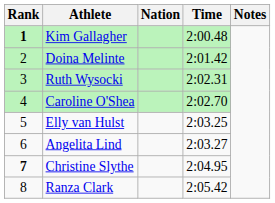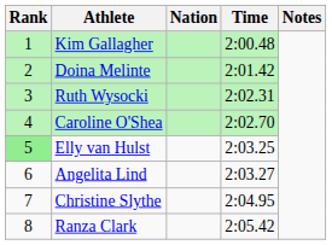 <table class="wikitable sortable" style="text-align:center">
 <tr>
 <th>Rank</th>
 <th>Athlete</th>
 <th>Nation</th>
 <th>Time</th>
 <th>Notes</th>
 </tr>
 <tr style="background:#bbf3bb;">
-<td><strong>1</strong></td>
+<td>1</td>
 <td align=left><a href='#'>Kim Gallagher</a></td>
 <td align=left></td>
 <td>2:00.48</td>
 </tr>
 <tr style="background:#bbf3bb;">
 <td>2</td>
 <td align=left><a href='#'>Doina Melinte</a></td>
 <td align=left></td>
 <td>2:01.42</td>
 </tr>
 <tr style="background:#bbf3bb;">
 <td>3</td>
 <td align=left><a href='#'>Ruth Wysocki</a></td>
 <td align=left></td>
 <td>2:02.31</td>
 </tr>
 <tr style="background:#bbf3bb;">
 <td>4</td>
 <td align=left><a href='#'>Caroline O'Shea</a></td>
 <td align=left></td>
 <td>2:02.70</td>
 </tr>
 <tr>
-<td>5</td>
+<td style="background: lightgreen;">5</td>
 <td align=left><a href='#'>Elly van Hulst</a></td>
 <td align=left></td>
 <td>2:03.25</td>
 </tr>
 <tr>
 <td>6</td>
 <td align=left><a href='#'>Angelita Lind</a></td>
 <td align=left></td>
 <td>2:03.27</td>
 </tr>
 <tr>
-<td><strong>7</strong></td>
+<td>7</td>
 <td align=left><a href='#'>Christine Slythe</a></td>
 <td align=left></td>
 <td>2:04.95</td>
 </tr>
 <tr>
 <td>8</td>
 <td align=left><a href='#'>Ranza Clark</a></td>
 <td align=left></td>
 <td>2:05.42</td>
 </tr>
 </table>
